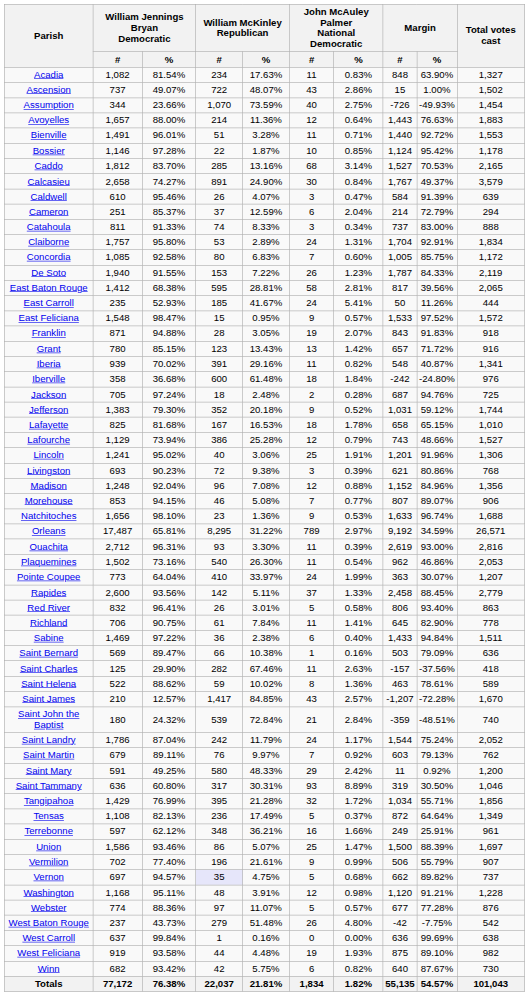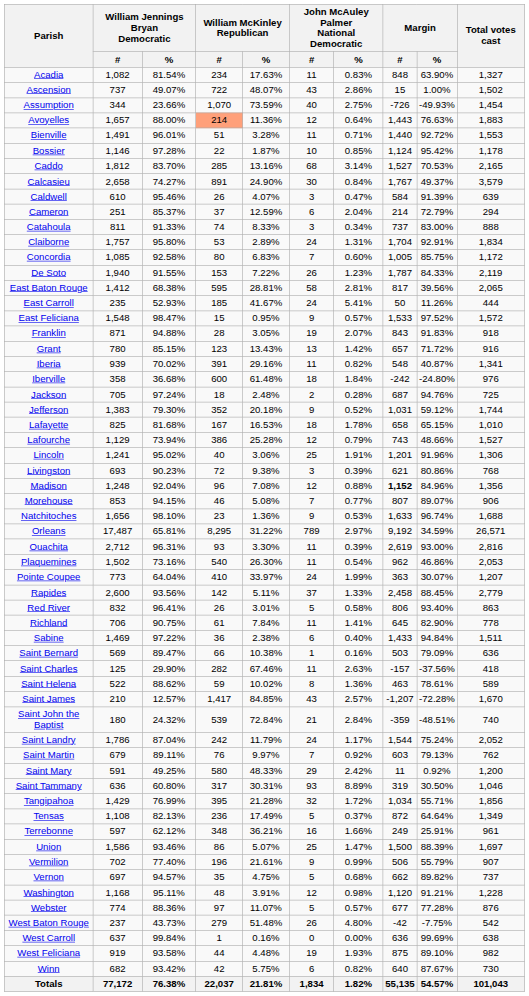 <table class="wikitable sortable nowrap mw-collapsible mw-collapsed">
 <tr>
 <th rowspan="2">Parish</th>
 <th colspan="2">William Jennings Bryan<br>Democratic</th>
 <th colspan="2">William McKinley<br>Republican</th>
 <th colspan="2">John McAuley Palmer<br>National Democratic</th>
 <th colspan="2">Margin</th>
 <th rowspan="2">Total votes cast</th>
 </tr>
 <tr>
 <th data-sort-type="number">#</th>
 <th data-sort-type="number">%</th>
 <th data-sort-type="number" width="9%">#</th>
 <th data-sort-type="number" width="9%">%</th>
 <th data-sort-type="number">#</th>
 <th data-sort-type="number">%</th>
 <th data-sort-type="number">#</th>
 <th data-sort-type="number">%</th>
 </tr>
 <tr style="text-align:center">
 <td><a href='#'>Acadia</a></td>
 <td>1,082</td>
 <td>81.54%</td>
 <td>234</td>
 <td>17.63%</td>
 <td>11</td>
 <td>0.83%</td>
 <td>848</td>
 <td>63.90%</td>
 <td>1,327</td>
 </tr>
 <tr style="text-align:center">
 <td><a href='#'>Ascension</a></td>
 <td>737</td>
 <td>49.07%</td>
 <td>722</td>
 <td>48.07%</td>
 <td>43</td>
 <td>2.86%</td>
 <td>15</td>
 <td>1.00%</td>
 <td>1,502</td>
 </tr>
 <tr style="text-align:center">
 <td><a href='#'>Assumption</a></td>
 <td>344</td>
 <td>23.66%</td>
 <td>1,070</td>
 <td>73.59%</td>
 <td>40</td>
 <td>2.75%</td>
 <td>-726</td>
 <td>-49.93%</td>
 <td>1,454</td>
 </tr>
 <tr style="text-align:center">
 <td><a href='#'>Avoyelles</a></td>
 <td>1,657</td>
 <td>88.00%</td>
-<td>214</td>
+<td style="background: lightsalmon;">214</td>
 <td>11.36%</td>
 <td>12</td>
 <td>0.64%</td>
 <td>1,443</td>
 <td>76.63%</td>
 <td>1,883</td>
 </tr>
 <tr style="text-align:center">
 <td><a href='#'>Bienville</a></td>
 <td>1,491</td>
 <td>96.01%</td>
 <td>51</td>
 <td>3.28%</td>
 <td>11</td>
 <td>0.71%</td>
 <td>1,440</td>
 <td>92.72%</td>
 <td>1,553</td>
 </tr>
 <tr style="text-align:center">
 <td><a href='#'>Bossier</a></td>
 <td>1,146</td>
 <td>97.28%</td>
 <td>22</td>
 <td>1.87%</td>
 <td>10</td>
 <td>0.85%</td>
 <td>1,124</td>
 <td>95.42%</td>
 <td>1,178</td>
 </tr>
 <tr style="text-align:center">
 <td><a href='#'>Caddo</a></td>
 <td>1,812</td>
 <td>83.70%</td>
 <td>285</td>
 <td>13.16%</td>
 <td>68</td>
 <td>3.14%</td>
 <td>1,527</td>
 <td>70.53%</td>
 <td>2,165</td>
 </tr>
 <tr style="text-align:center">
 <td><a href='#'>Calcasieu</a></td>
 <td>2,658</td>
 <td>74.27%</td>
 <td>891</td>
 <td>24.90%</td>
 <td>30</td>
 <td>0.84%</td>
 <td>1,767</td>
 <td>49.37%</td>
 <td>3,579</td>
 </tr>
 <tr style="text-align:center">
 <td><a href='#'>Caldwell</a></td>
 <td>610</td>
 <td>95.46%</td>
 <td>26</td>
 <td>4.07%</td>
 <td>3</td>
 <td>0.47%</td>
 <td>584</td>
 <td>91.39%</td>
 <td>639</td>
 </tr>
 <tr style="text-align:center">
 <td><a href='#'>Cameron</a></td>
 <td>251</td>
 <td>85.37%</td>
 <td>37</td>
 <td>12.59%</td>
 <td>6</td>
 <td>2.04%</td>
 <td>214</td>
 <td>72.79%</td>
 <td>294</td>
 </tr>
 <tr style="text-align:center">
 <td><a href='#'>Catahoula</a></td>
 <td>811</td>
 <td>91.33%</td>
 <td>74</td>
 <td>8.33%</td>
 <td>3</td>
 <td>0.34%</td>
 <td>737</td>
 <td>83.00%</td>
 <td>888</td>
 </tr>
 <tr style="text-align:center">
 <td><a href='#'>Claiborne</a></td>
 <td>1,757</td>
 <td>95.80%</td>
 <td>53</td>
 <td>2.89%</td>
 <td>24</td>
 <td>1.31%</td>
 <td>1,704</td>
 <td>92.91%</td>
 <td>1,834</td>
 </tr>
 <tr style="text-align:center">
 <td><a href='#'>Concordia</a></td>
 <td>1,085</td>
 <td>92.58%</td>
 <td>80</td>
 <td>6.83%</td>
 <td>7</td>
 <td>0.60%</td>
 <td>1,005</td>
 <td>85.75%</td>
 <td>1,172</td>
 </tr>
 <tr style="text-align:center">
 <td><a href='#'>De Soto</a></td>
 <td>1,940</td>
 <td>91.55%</td>
 <td>153</td>
 <td>7.22%</td>
 <td>26</td>
 <td>1.23%</td>
 <td>1,787</td>
 <td>84.33%</td>
 <td>2,119</td>
 </tr>
 <tr style="text-align:center">
 <td><a href='#'>East Baton Rouge</a></td>
 <td>1,412</td>
 <td>68.38%</td>
 <td>595</td>
 <td>28.81%</td>
 <td>58</td>
 <td>2.81%</td>
 <td>817</td>
 <td>39.56%</td>
 <td>2,065</td>
 </tr>
 <tr style="text-align:center">
 <td><a href='#'>East Carroll</a></td>
 <td>235</td>
 <td>52.93%</td>
 <td>185</td>
 <td>41.67%</td>
 <td>24</td>
 <td>5.41%</td>
 <td>50</td>
 <td>11.26%</td>
 <td>444</td>
 </tr>
 <tr style="text-align:center">
 <td><a href='#'>East Feliciana</a></td>
 <td>1,548</td>
 <td>98.47%</td>
 <td>15</td>
 <td>0.95%</td>
 <td>9</td>
 <td>0.57%</td>
 <td>1,533</td>
 <td>97.52%</td>
 <td>1,572</td>
 </tr>
 <tr style="text-align:center">
 <td><a href='#'>Franklin</a></td>
 <td>871</td>
 <td>94.88%</td>
 <td>28</td>
 <td>3.05%</td>
 <td>19</td>
 <td>2.07%</td>
 <td>843</td>
 <td>91.83%</td>
 <td>918</td>
 </tr>
 <tr style="text-align:center">
 <td><a href='#'>Grant</a></td>
 <td>780</td>
 <td>85.15%</td>
 <td>123</td>
 <td>13.43%</td>
 <td>13</td>
 <td>1.42%</td>
 <td>657</td>
 <td>71.72%</td>
 <td>916</td>
 </tr>
 <tr style="text-align:center">
 <td><a href='#'>Iberia</a></td>
 <td>939</td>
 <td>70.02%</td>
 <td>391</td>
 <td>29.16%</td>
 <td>11</td>
 <td>0.82%</td>
 <td>548</td>
 <td>40.87%</td>
 <td>1,341</td>
 </tr>
 <tr style="text-align:center">
 <td><a href='#'>Iberville</a></td>
 <td>358</td>
 <td>36.68%</td>
 <td>600</td>
 <td>61.48%</td>
 <td>18</td>
 <td>1.84%</td>
 <td>-242</td>
 <td>-24.80%</td>
 <td>976</td>
 </tr>
 <tr style="text-align:center">
 <td><a href='#'>Jackson</a></td>
 <td>705</td>
 <td>97.24%</td>
 <td>18</td>
 <td>2.48%</td>
 <td>2</td>
 <td>0.28%</td>
 <td>687</td>
 <td>94.76%</td>
 <td>725</td>
 </tr>
 <tr style="text-align:center">
 <td><a href='#'>Jefferson</a></td>
 <td>1,383</td>
 <td>79.30%</td>
 <td>352</td>
 <td>20.18%</td>
 <td>9</td>
 <td>0.52%</td>
 <td>1,031</td>
 <td>59.12%</td>
 <td>1,744</td>
 </tr>
 <tr style="text-align:center">
 <td><a href='#'>Lafayette</a></td>
 <td>825</td>
 <td>81.68%</td>
 <td>167</td>
 <td>16.53%</td>
 <td>18</td>
 <td>1.78%</td>
 <td>658</td>
 <td>65.15%</td>
 <td>1,010</td>
 </tr>
 <tr style="text-align:center">
 <td><a href='#'>Lafourche</a></td>
 <td>1,129</td>
 <td>73.94%</td>
 <td>386</td>
 <td>25.28%</td>
 <td>12</td>
 <td>0.79%</td>
 <td>743</td>
 <td>48.66%</td>
 <td>1,527</td>
 </tr>
 <tr style="text-align:center">
 <td><a href='#'>Lincoln</a></td>
 <td>1,241</td>
 <td>95.02%</td>
 <td>40</td>
 <td>3.06%</td>
 <td>25</td>
 <td>1.91%</td>
 <td>1,201</td>
 <td>91.96%</td>
 <td>1,306</td>
 </tr>
 <tr style="text-align:center">
 <td><a href='#'>Livingston</a></td>
 <td>693</td>
 <td>90.23%</td>
 <td>72</td>
 <td>9.38%</td>
 <td>3</td>
 <td>0.39%</td>
 <td>621</td>
 <td>80.86%</td>
 <td>768</td>
 </tr>
 <tr style="text-align:center">
 <td><a href='#'>Madison</a></td>
 <td>1,248</td>
 <td>92.04%</td>
 <td>96</td>
 <td>7.08%</td>
 <td>12</td>
 <td>0.88%</td>
-<td>1,152</td>
+<td><strong>1,152</strong></td>
 <td>84.96%</td>
 <td>1,356</td>
 </tr>
 <tr style="text-align:center">
 <td><a href='#'>Morehouse</a></td>
 <td>853</td>
 <td>94.15%</td>
 <td>46</td>
 <td>5.08%</td>
 <td>7</td>
 <td>0.77%</td>
 <td>807</td>
 <td>89.07%</td>
 <td>906</td>
 </tr>
 <tr style="text-align:center">
 <td><a href='#'>Natchitoches</a></td>
 <td>1,656</td>
 <td>98.10%</td>
 <td>23</td>
 <td>1.36%</td>
 <td>9</td>
 <td>0.53%</td>
 <td>1,633</td>
 <td>96.74%</td>
 <td>1,688</td>
 </tr>
 <tr style="text-align:center">
 <td><a href='#'>Orleans</a></td>
 <td>17,487</td>
 <td>65.81%</td>
 <td>8,295</td>
 <td>31.22%</td>
 <td>789</td>
 <td>2.97%</td>
 <td>9,192</td>
 <td>34.59%</td>
 <td>26,571</td>
 </tr>
 <tr style="text-align:center">
 <td><a href='#'>Ouachita</a></td>
 <td>2,712</td>
 <td>96.31%</td>
 <td>93</td>
 <td>3.30%</td>
 <td>11</td>
 <td>0.39%</td>
 <td>2,619</td>
 <td>93.00%</td>
 <td>2,816</td>
 </tr>
 <tr style="text-align:center">
 <td><a href='#'>Plaquemines</a></td>
 <td>1,502</td>
 <td>73.16%</td>
 <td>540</td>
 <td>26.30%</td>
 <td>11</td>
 <td>0.54%</td>
 <td>962</td>
 <td>46.86%</td>
 <td>2,053</td>
 </tr>
 <tr style="text-align:center">
 <td><a href='#'>Pointe Coupee</a></td>
 <td>773</td>
 <td>64.04%</td>
 <td>410</td>
 <td>33.97%</td>
 <td>24</td>
 <td>1.99%</td>
 <td>363</td>
 <td>30.07%</td>
 <td>1,207</td>
 </tr>
 <tr style="text-align:center">
 <td><a href='#'>Rapides</a></td>
 <td>2,600</td>
 <td>93.56%</td>
 <td>142</td>
 <td>5.11%</td>
 <td>37</td>
 <td>1.33%</td>
 <td>2,458</td>
 <td>88.45%</td>
 <td>2,779</td>
 </tr>
 <tr style="text-align:center">
 <td><a href='#'>Red River</a></td>
 <td>832</td>
 <td>96.41%</td>
 <td>26</td>
 <td>3.01%</td>
 <td>5</td>
 <td>0.58%</td>
 <td>806</td>
 <td>93.40%</td>
 <td>863</td>
 </tr>
 <tr style="text-align:center">
 <td><a href='#'>Richland</a></td>
 <td>706</td>
 <td>90.75%</td>
 <td>61</td>
 <td>7.84%</td>
 <td>11</td>
 <td>1.41%</td>
 <td>645</td>
 <td>82.90%</td>
 <td>778</td>
 </tr>
 <tr style="text-align:center">
 <td><a href='#'>Sabine</a></td>
 <td>1,469</td>
 <td>97.22%</td>
 <td>36</td>
 <td>2.38%</td>
 <td>6</td>
 <td>0.40%</td>
 <td>1,433</td>
 <td>94.84%</td>
 <td>1,511</td>
 </tr>
 <tr style="text-align:center">
 <td><a href='#'>Saint Bernard</a></td>
 <td>569</td>
 <td>89.47%</td>
 <td>66</td>
 <td>10.38%</td>
 <td>1</td>
 <td>0.16%</td>
 <td>503</td>
 <td>79.09%</td>
 <td>636</td>
 </tr>
 <tr style="text-align:center">
 <td><a href='#'>Saint Charles</a></td>
 <td>125</td>
 <td>29.90%</td>
 <td>282</td>
 <td>67.46%</td>
 <td>11</td>
 <td>2.63%</td>
 <td>-157</td>
 <td>-37.56%</td>
 <td>418</td>
 </tr>
 <tr style="text-align:center">
 <td><a href='#'>Saint Helena</a></td>
 <td>522</td>
 <td>88.62%</td>
 <td>59</td>
 <td>10.02%</td>
 <td>8</td>
 <td>1.36%</td>
 <td>463</td>
 <td>78.61%</td>
 <td>589</td>
 </tr>
 <tr style="text-align:center">
 <td><a href='#'>Saint James</a></td>
 <td>210</td>
 <td>12.57%</td>
 <td>1,417</td>
 <td>84.85%</td>
 <td>43</td>
 <td>2.57%</td>
 <td>-1,207</td>
 <td>-72.28%</td>
 <td>1,670</td>
 </tr>
 <tr style="text-align:center">
 <td><a href='#'>Saint John the Baptist</a></td>
 <td>180</td>
 <td>24.32%</td>
 <td>539</td>
 <td>72.84%</td>
 <td>21</td>
 <td>2.84%</td>
 <td>-359</td>
 <td>-48.51%</td>
 <td>740</td>
 </tr>
 <tr style="text-align:center">
 <td><a href='#'>Saint Landry</a></td>
 <td>1,786</td>
 <td>87.04%</td>
 <td>242</td>
 <td>11.79%</td>
 <td>24</td>
 <td>1.17%</td>
 <td>1,544</td>
 <td>75.24%</td>
 <td>2,052</td>
 </tr>
 <tr style="text-align:center">
 <td><a href='#'>Saint Martin</a></td>
 <td>679</td>
 <td>89.11%</td>
 <td>76</td>
 <td>9.97%</td>
 <td>7</td>
 <td>0.92%</td>
 <td>603</td>
 <td>79.13%</td>
 <td>762</td>
 </tr>
 <tr style="text-align:center">
 <td><a href='#'>Saint Mary</a></td>
 <td>591</td>
 <td>49.25%</td>
 <td>580</td>
 <td>48.33%</td>
 <td>29</td>
 <td>2.42%</td>
 <td>11</td>
 <td>0.92%</td>
 <td>1,200</td>
 </tr>
 <tr style="text-align:center">
 <td><a href='#'>Saint Tammany</a></td>
 <td>636</td>
 <td>60.80%</td>
 <td>317</td>
 <td>30.31%</td>
 <td>93</td>
 <td>8.89%</td>
 <td>319</td>
 <td>30.50%</td>
 <td>1,046</td>
 </tr>
 <tr style="text-align:center">
 <td><a href='#'>Tangipahoa</a></td>
 <td>1,429</td>
 <td>76.99%</td>
 <td>395</td>
 <td>21.28%</td>
 <td>32</td>
 <td>1.72%</td>
 <td>1,034</td>
 <td>55.71%</td>
 <td>1,856</td>
 </tr>
 <tr style="text-align:center">
 <td><a href='#'>Tensas</a></td>
 <td>1,108</td>
 <td>82.13%</td>
 <td>236</td>
 <td>17.49%</td>
 <td>5</td>
 <td>0.37%</td>
 <td>872</td>
 <td>64.64%</td>
 <td>1,349</td>
 </tr>
 <tr style="text-align:center">
 <td><a href='#'>Terrebonne</a></td>
 <td>597</td>
 <td>62.12%</td>
 <td>348</td>
 <td>36.21%</td>
 <td>16</td>
 <td>1.66%</td>
 <td>249</td>
 <td>25.91%</td>
 <td>961</td>
 </tr>
 <tr style="text-align:center">
 <td><a href='#'>Union</a></td>
 <td>1,586</td>
 <td>93.46%</td>
 <td>86</td>
 <td>5.07%</td>
 <td>25</td>
 <td>1.47%</td>
 <td>1,500</td>
 <td>88.39%</td>
 <td>1,697</td>
 </tr>
 <tr style="text-align:center">
 <td><a href='#'>Vermilion</a></td>
 <td>702</td>
 <td>77.40%</td>
 <td>196</td>
 <td>21.61%</td>
 <td>9</td>
 <td>0.99%</td>
 <td>506</td>
 <td>55.79%</td>
 <td>907</td>
 </tr>
 <tr style="text-align:center">
 <td><a href='#'>Vernon</a></td>
 <td>697</td>
 <td>94.57%</td>
-<td style="background: lavender;">35</td>
+<td>35</td>
 <td>4.75%</td>
 <td>5</td>
 <td>0.68%</td>
 <td>662</td>
 <td>89.82%</td>
 <td>737</td>
 </tr>
 <tr style="text-align:center">
 <td><a href='#'>Washington</a></td>
 <td>1,168</td>
 <td>95.11%</td>
 <td>48</td>
 <td>3.91%</td>
 <td>12</td>
 <td>0.98%</td>
 <td>1,120</td>
 <td>91.21%</td>
 <td>1,228</td>
 </tr>
 <tr style="text-align:center">
 <td><a href='#'>Webster</a></td>
 <td>774</td>
 <td>88.36%</td>
 <td>97</td>
 <td>11.07%</td>
 <td>5</td>
 <td>0.57%</td>
 <td>677</td>
 <td>77.28%</td>
 <td>876</td>
 </tr>
 <tr style="text-align:center">
 <td><a href='#'>West Baton Rouge</a></td>
 <td>237</td>
 <td>43.73%</td>
 <td>279</td>
 <td>51.48%</td>
 <td>26</td>
 <td>4.80%</td>
 <td>-42</td>
 <td>-7.75%</td>
 <td>542</td>
 </tr>
 <tr style="text-align:center">
 <td><a href='#'>West Carroll</a></td>
 <td>637</td>
 <td>99.84%</td>
 <td>1</td>
 <td>0.16%</td>
 <td>0</td>
 <td>0.00%</td>
 <td>636</td>
 <td>99.69%</td>
 <td>638</td>
 </tr>
 <tr style="text-align:center">
 <td><a href='#'>West Feliciana</a></td>
 <td>919</td>
 <td>93.58%</td>
 <td>44</td>
 <td>4.48%</td>
 <td>19</td>
 <td>1.93%</td>
 <td>875</td>
 <td>89.10%</td>
 <td>982</td>
 </tr>
 <tr style="text-align:center">
 <td><a href='#'>Winn</a></td>
 <td>682</td>
 <td>93.42%</td>
 <td>42</td>
 <td>5.75%</td>
 <td>6</td>
 <td>0.82%</td>
 <td>640</td>
 <td>87.67%</td>
 <td>730</td>
 </tr>
 <tr>
 <th>Totals</th>
 <th>77,172</th>
 <th>76.38%</th>
 <th>22,037</th>
 <th>21.81%</th>
 <th>1,834</th>
 <th>1.82%</th>
 <th>55,135</th>
 <th>54.57%</th>
 <th>101,043</th>
 </tr>
 </table>
